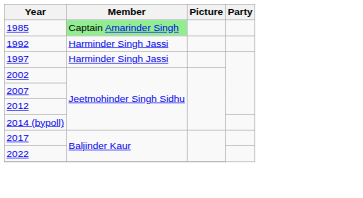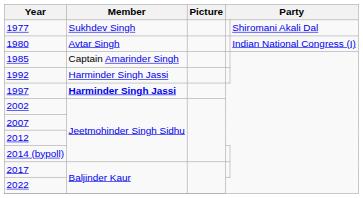 <table class="wikitable sortable">
 <tr>
 <th>Year</th>
 <th>Member</th>
 <th>Picture</th>
 <th colspan="2">Party</th>
 </tr>
 <tr>
+<td><a href='#'>1977</a></td>
+<td><a href='#'>Sukhdev Singh</a></td>
+<td></td>
+<td style="background-color: "></td>
+<td><a href='#'>Shiromani Akali Dal</a></td>
+</tr>
+<tr>
+<td><a href='#'>1980</a></td>
+<td><a href='#'>Avtar Singh</a></td>
+<td></td>
+<td style="background-color: "></td>
+<td><a href='#'>Indian National Congress (I)</a></td>
+</tr>
+<tr>
 <td><a href='#'>1985</a></td>
-<td style="background: lightgreen;">Captain <a href='#'>Amarinder Singh</a></td>
+<td>Captain <a href='#'>Amarinder Singh</a></td>
 <td></td>
 <td></td>
 </tr>
 <tr>
 <td><a href='#'>1992</a></td>
 <td><a href='#'>Harminder Singh Jassi</a></td>
 <td></td>
 <td></td>
 </tr>
 <tr>
 <td><a href='#'>1997</a></td>
-<td><a href='#'>Harminder Singh Jassi</a></td>
+<td><strong><a href='#'>Harminder Singh Jassi</a></strong></td>
 <td></td>
 </tr>
 <tr>
 <td><a href='#'>2002</a></td>
 <td rowspan=4><a href='#'>Jeetmohinder Singh Sidhu</a></td>
 <td rowspan=4></td>
 </tr>
 <tr>
 <td><a href='#'>2007</a></td>
 </tr>
 <tr>
 <td><a href='#'>2012</a></td>
 </tr>
 <tr>
 <td><a href='#'>2014 (bypoll)</a></td>
 <td></td>
 </tr>
 <tr>
 <td><a href='#'>2017</a></td>
 <td rowspan=2><a href='#'>Baljinder Kaur</a></td>
 <td rowspan=2></td>
 <td></td>
 </tr>
 <tr>
 <td><a href='#'>2022</a></td>
 </tr>
 <tr>
 </tr>
 </table>
